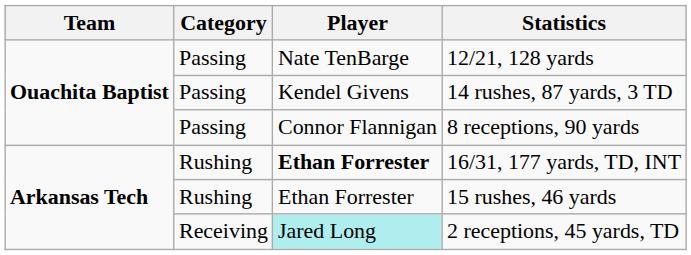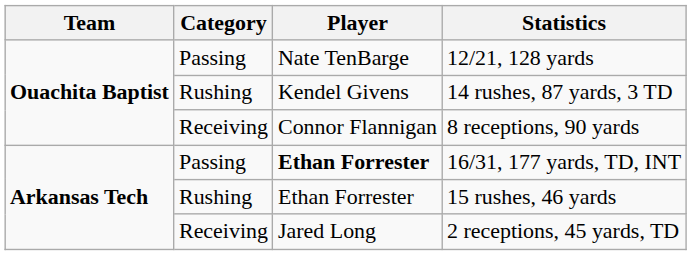 <table class="wikitable" style="float: right;">
 <tr>
 <th>Team</th>
 <th>Category</th>
 <th>Player</th>
 <th>Statistics</th>
 </tr>
 <tr>
 <td rowspan=3><strong>Ouachita Baptist</strong></td>
 <td>Passing</td>
 <td>Nate TenBarge</td>
 <td>12/21, 128 yards</td>
 </tr>
 <tr>
-<td>Passing</td>
+<td>Rushing</td>
 <td>Kendel Givens</td>
 <td>14 rushes, 87 yards, 3 TD</td>
 </tr>
 <tr>
-<td>Passing</td>
+<td>Receiving</td>
 <td>Connor Flannigan</td>
 <td>8 receptions, 90 yards</td>
 </tr>
 <tr>
 <td rowspan=3><strong>Arkansas Tech</strong></td>
-<td>Rushing</td>
+<td>Passing</td>
 <td><strong>Ethan Forrester</strong></td>
 <td>16/31, 177 yards, TD, INT</td>
 </tr>
 <tr>
 <td>Rushing</td>
 <td>Ethan Forrester</td>
 <td>15 rushes, 46 yards</td>
 </tr>
 <tr>
 <td>Receiving</td>
-<td style="background: paleturquoise;">Jared Long</td>
+<td>Jared Long</td>
 <td>2 receptions, 45 yards, TD</td>
 </tr>
 </table>
